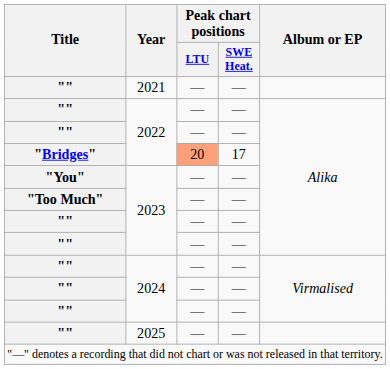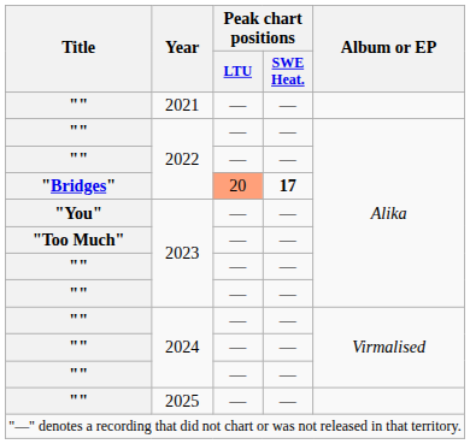 <table class="wikitable plainrowheaders" style="text-align:center;">
 <tr>
 <th scope="col" rowspan="2">Title</th>
 <th scope="col" rowspan="2">Year</th>
 <th scope="col" colspan="2">Peak chart positions</th>
 <th scope="col" rowspan="2">Album or EP</th>
 </tr>
 <tr>
 <th style="width:3em;font-size:85%;"><a href='#'>LTU</a><br></th>
 <th style="width:3em;font-size:85%;"><a href='#'>SWE<br>Heat.</a><br></th>
 </tr>
 <tr>
 <th scope="row">""</th>
 <td>2021</td>
 <td>—</td>
 <td>—</td>
 <td></td>
 </tr>
 <tr>
 <th scope="row">""</th>
 <td rowspan="3">2022</td>
 <td>—</td>
 <td>—</td>
 <td rowspan="7"><em>Alika</em></td>
 </tr>
 <tr>
 <th scope="row">""</th>
 <td>—</td>
 <td>—</td>
 </tr>
 <tr>
 <th scope="row">"<a href='#'>Bridges</a>"</th>
 <td style="background: lightsalmon;">20</td>
-<td>17</td>
+<td><strong>17</strong></td>
 </tr>
 <tr>
 <th scope="row">"You"</th>
 <td rowspan="4">2023</td>
 <td>—</td>
 <td>—</td>
 </tr>
 <tr>
 <th scope="row">"Too Much"</th>
 <td>—</td>
 <td>—</td>
 </tr>
 <tr>
 <th scope="row">""</th>
 <td>—</td>
 <td>—</td>
 </tr>
 <tr>
 <th scope="row">""</th>
 <td>—</td>
 <td>—</td>
 </tr>
 <tr>
 <th scope="row">""<br></th>
 <td rowspan="3">2024</td>
 <td>—</td>
 <td>—</td>
 <td rowspan="3"><em>Virmalised</em></td>
 </tr>
 <tr>
 <th scope="row">""</th>
 <td>—</td>
 <td>—</td>
 </tr>
 <tr>
 <th scope="row">""</th>
 <td>—</td>
 <td>—</td>
 </tr>
 <tr>
 <th scope="row">""<br></th>
 <td>2025</td>
 <td>—</td>
 <td>—</td>
 <td></td>
 </tr>
 <tr>
 <td colspan="15" style="font-size:85%">"—" denotes a recording that did not chart or was not released in that territory.</td>
 </tr>
 </table>
